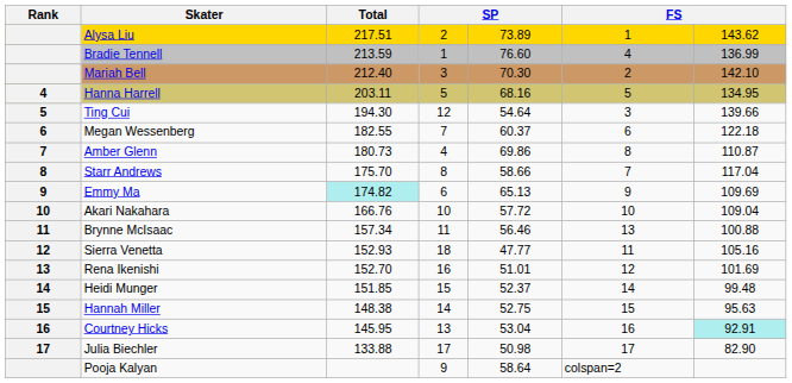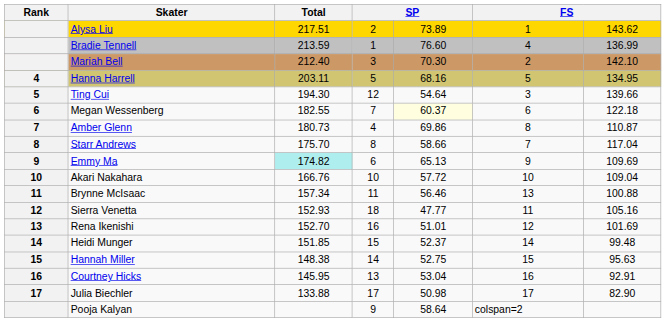 <table class="wikitable sortable" style="text-align:left; width:80%">
 <tr>
 <th scope="col">Rank</th>
 <th scope="col">Skater</th>
 <th scope="col">Total</th>
 <th scope="col" colspan="2" width="80px"><a href='#'>SP</a></th>
 <th scope="col" colspan="2" width="80px"><a href='#'>FS</a></th>
 </tr>
 <tr bgcolor="gold">
 <th scope="row"></th>
 <td><a href='#'>Alysa Liu</a></td>
 <td align="center">217.51</td>
 <td align="center">2</td>
 <td align="center">73.89</td>
 <td align="center">1</td>
 <td align="center">143.62</td>
 </tr>
 <tr bgcolor="silver">
 <th scope="row"></th>
 <td><a href='#'>Bradie Tennell</a></td>
 <td align="center">213.59</td>
 <td align="center">1</td>
 <td align="center">76.60</td>
 <td align="center">4</td>
 <td align="center">136.99</td>
 </tr>
 <tr bgcolor="cc9966">
 <th scope="row"></th>
 <td><a href='#'>Mariah Bell</a></td>
 <td align="center">212.40</td>
 <td align="center">3</td>
 <td align="center">70.30</td>
 <td align="center">2</td>
 <td align="center">142.10</td>
 </tr>
 <tr bgcolor="#d1c571">
 <th scope="row">4</th>
 <td><a href='#'>Hanna Harrell</a></td>
 <td align="center">203.11</td>
 <td align="center">5</td>
 <td align="center">68.16</td>
 <td align="center">5</td>
 <td align="center">134.95</td>
 </tr>
 <tr>
 <th>5</th>
 <td><a href='#'>Ting Cui</a></td>
 <td align="center">194.30</td>
 <td align="center">12</td>
 <td align="center">54.64</td>
 <td align="center">3</td>
 <td align="center">139.66</td>
 </tr>
 <tr>
 <th>6</th>
 <td>Megan Wessenberg</td>
 <td align="center">182.55</td>
 <td align="center">7</td>
-<td align="center">60.37</td>
+<td align="center" style="background: lightyellow;">60.37</td>
 <td align="center">6</td>
 <td align="center">122.18</td>
 </tr>
 <tr>
 <th>7</th>
 <td><a href='#'>Amber Glenn</a></td>
 <td align="center">180.73</td>
 <td align="center">4</td>
 <td align="center">69.86</td>
 <td align="center">8</td>
 <td align="center">110.87</td>
 </tr>
 <tr>
 <th>8</th>
 <td><a href='#'>Starr Andrews</a></td>
 <td align="center">175.70</td>
 <td align="center">8</td>
 <td align="center">58.66</td>
 <td align="center">7</td>
 <td align="center">117.04</td>
 </tr>
 <tr>
 <th>9</th>
 <td><a href='#'>Emmy Ma</a></td>
 <td align="center" style="background: paleturquoise;">174.82</td>
 <td align="center">6</td>
 <td align="center">65.13</td>
 <td align="center">9</td>
 <td align="center">109.69</td>
 </tr>
 <tr>
 <th>10</th>
 <td>Akari Nakahara</td>
 <td align="center">166.76</td>
 <td align="center">10</td>
 <td align="center">57.72</td>
 <td align="center">10</td>
 <td align="center">109.04</td>
 </tr>
 <tr>
 <th>11</th>
 <td>Brynne McIsaac</td>
 <td align="center">157.34</td>
 <td align="center">11</td>
 <td align="center">56.46</td>
 <td align="center">13</td>
 <td align="center">100.88</td>
 </tr>
 <tr>
 <th>12</th>
 <td>Sierra Venetta</td>
 <td align="center">152.93</td>
 <td align="center">18</td>
 <td align="center">47.77</td>
 <td align="center">11</td>
 <td align="center">105.16</td>
 </tr>
 <tr>
 <th>13</th>
 <td>Rena Ikenishi</td>
 <td align="center">152.70</td>
 <td align="center">16</td>
 <td align="center">51.01</td>
 <td align="center">12</td>
 <td align="center">101.69</td>
 </tr>
 <tr>
 <th>14</th>
 <td>Heidi Munger</td>
 <td align="center">151.85</td>
 <td align="center">15</td>
 <td align="center">52.37</td>
 <td align="center">14</td>
 <td align="center">99.48</td>
 </tr>
 <tr>
 <th>15</th>
 <td><a href='#'>Hannah Miller</a></td>
 <td align="center">148.38</td>
 <td align="center">14</td>
 <td align="center">52.75</td>
 <td align="center">15</td>
 <td align="center">95.63</td>
 </tr>
 <tr>
 <th>16</th>
 <td><a href='#'>Courtney Hicks</a></td>
 <td align="center">145.95</td>
 <td align="center">13</td>
 <td align="center">53.04</td>
 <td align="center">16</td>
-<td align="center" style="background: paleturquoise;">92.91</td>
+<td align="center">92.91</td>
 </tr>
 <tr>
 <th>17</th>
 <td>Julia Biechler</td>
 <td align="center">133.88</td>
 <td align="center">17</td>
 <td align="center">50.98</td>
 <td align="center">17</td>
 <td align="center">82.90</td>
 </tr>
 <tr>
 <th></th>
 <td>Pooja Kalyan</td>
 <td></td>
 <td align="center">9</td>
 <td align="center">58.64</td>
 <td>colspan=2 </td>
 </tr>
 </table>
